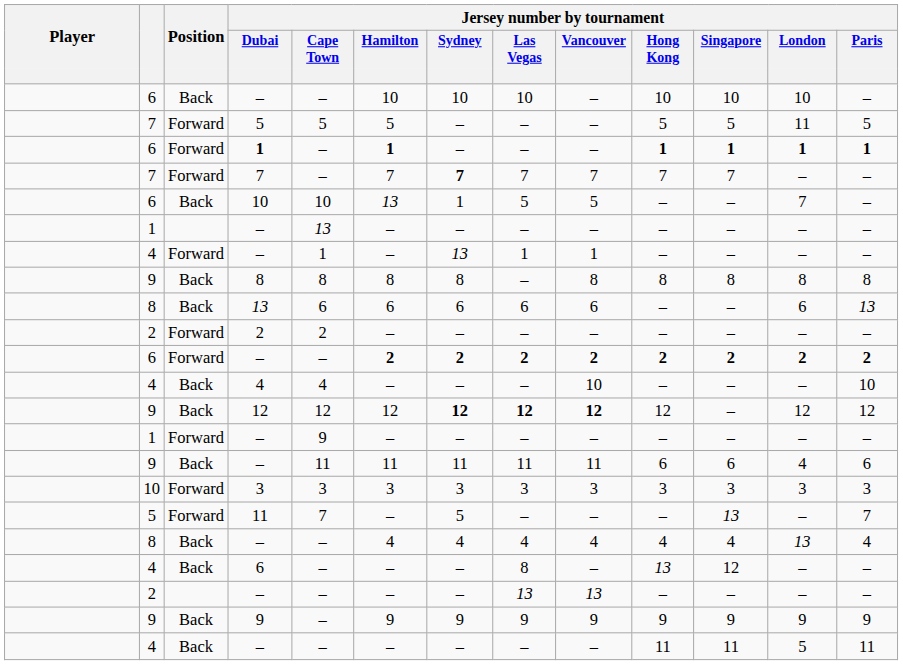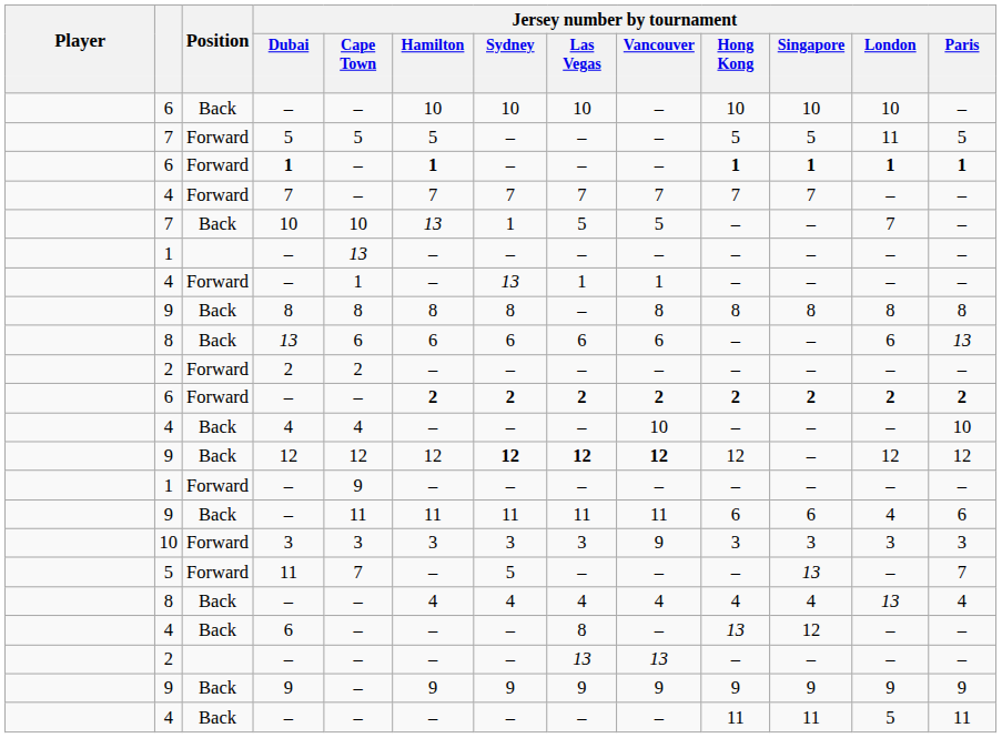 <table class="wikitable sortable" style="text-align:center;">
 <tr>
 <th rowspan=2 style="border-bottom:0px; width:12em;">Player</th>
 <th rowspan=2 style="border-bottom:0px;"></th>
 <th rowspan=2 style="border-bottom:0px;">Position</th>
 <th colspan=10 style="font-size:95%;">Jersey number by tournament</th>
 </tr>
 <tr>
 <th style="vertical-align:top;width:5.5em;border-bottom:1px solid transparent;padding:2px;font-size:85%;"><a href='#'>Dubai</a></th>
 <th style="vertical-align:top;width:5.5em;border-bottom:1px solid transparent;padding:2px;font-size:85%;"><a href='#'>Cape Town</a></th>
 <th style="vertical-align:top;width:5.5em;border-bottom:1px solid transparent;padding:2px;font-size:85%;"><a href='#'>Hamilton</a></th>
 <th style="vertical-align:top;width:5.5em;border-bottom:1px solid transparent;padding:2px;font-size:85%;"><a href='#'>Sydney</a></th>
 <th style="vertical-align:top;width:5.5em;border-bottom:1px solid transparent;padding:2px;font-size:85%;"><a href='#'>Las Vegas</a></th>
 <th style="vertical-align:top;width:5.5em;border-bottom:1px solid transparent;padding:2px;font-size:85%;"><a href='#'>Vancouver</a></th>
 <th style="vertical-align:top;width:5.5em;border-bottom:1px solid transparent;padding:2px;font-size:85%;"><a href='#'>Hong Kong</a></th>
 <th style="vertical-align:top;width:5.5em;border-bottom:1px solid transparent;padding:2px;font-size:85%;"><a href='#'>Singapore</a></th>
 <th style="vertical-align:top;width:5.5em;border-bottom:1px solid transparent;padding:2px;font-size:85%;"><a href='#'>London</a></th>
 <th style="vertical-align:top;width:5.5em;border-bottom:1px solid transparent;padding:2px;font-size:85%;"><a href='#'>Paris</a></th>
 </tr>
 <tr style="line-height:8px;">
 <th style="border-top:1px solid transparent;"></th>
 <th style="border-top:1px solid transparent;"> </th>
 <th style="border-top:1px solid transparent;"> </th>
 <th data-sort-type="number" style="border-top:1px solid transparent;"></th>
 <th data-sort-type="number" style="border-top:1px solid transparent;"></th>
 <th data-sort-type="number" style="border-top:1px solid transparent;"></th>
 <th data-sort-type="number" style="border-top:1px solid transparent;"></th>
 <th data-sort-type="number" style="border-top:1px solid transparent;"></th>
 <th data-sort-type="number" style="border-top:1px solid transparent;"></th>
 <th data-sort-type="number" style="border-top:1px solid transparent;"></th>
 <th data-sort-type="number" style="border-top:1px solid transparent;"></th>
 <th data-sort-type="number" style="border-top:1px solid transparent;"></th>
 <th data-sort-type="number" style="border-top:1px solid transparent;"></th>
 </tr>
 <tr>
 <td align=left></td>
 <td>6</td>
 <td>Back</td>
 <td>–</td>
 <td>–</td>
 <td>10</td>
 <td>10</td>
 <td>10</td>
 <td>–</td>
 <td>10</td>
 <td>10</td>
 <td>10</td>
 <td>–</td>
 </tr>
 <tr>
 <td align=left></td>
 <td>7</td>
 <td>Forward</td>
 <td>5</td>
 <td>5</td>
 <td>5</td>
 <td>–</td>
 <td>–</td>
 <td>–</td>
 <td>5</td>
 <td>5</td>
 <td>11</td>
 <td>5</td>
 </tr>
 <tr>
 <td align=left></td>
 <td>6</td>
 <td>Forward</td>
 <td><strong>1</strong></td>
 <td>–</td>
 <td><strong>1</strong></td>
 <td>–</td>
 <td>–</td>
 <td>–</td>
 <td><strong>1</strong></td>
 <td><strong>1</strong></td>
 <td><strong>1</strong></td>
 <td><strong>1</strong></td>
 </tr>
 <tr>
 <td align=left></td>
-<td>7</td>
+<td>4</td>
 <td>Forward</td>
 <td>7</td>
 <td>–</td>
 <td>7</td>
-<td><strong>7</strong></td>
+<td>7</td>
 <td>7</td>
 <td>7</td>
 <td>7</td>
 <td>7</td>
 <td>–</td>
 <td>–</td>
 </tr>
 <tr>
 <td align=left></td>
-<td>6</td>
+<td>7</td>
 <td>Back</td>
 <td>10</td>
 <td>10</td>
 <td><em>13</em></td>
 <td>1</td>
 <td>5</td>
 <td>5</td>
 <td>–</td>
 <td>–</td>
 <td>7</td>
 <td>–</td>
 </tr>
 <tr>
 <td align=left></td>
 <td>1</td>
 <td></td>
 <td>–</td>
 <td><em>13</em></td>
 <td>–</td>
 <td>–</td>
 <td>–</td>
 <td>–</td>
 <td>–</td>
 <td>–</td>
 <td>–</td>
 <td>–</td>
 </tr>
 <tr ->
 <td align=left></td>
 <td>4</td>
 <td>Forward</td>
 <td>–</td>
 <td>1</td>
 <td>–</td>
 <td><em>13</em></td>
 <td>1</td>
 <td>1</td>
 <td>–</td>
 <td>–</td>
 <td>–</td>
 <td>–</td>
 </tr>
 <tr>
 <td align=left></td>
 <td>9</td>
 <td>Back</td>
 <td>8</td>
 <td>8</td>
 <td>8</td>
 <td>8</td>
 <td>–</td>
 <td>8</td>
 <td>8</td>
 <td>8</td>
 <td>8</td>
 <td>8</td>
 </tr>
 <tr>
 <td align=left></td>
 <td>8</td>
 <td>Back</td>
 <td><em>13</em></td>
 <td>6</td>
 <td>6</td>
 <td>6</td>
 <td>6</td>
 <td>6</td>
 <td>–</td>
 <td>–</td>
 <td>6</td>
 <td><em>13</em></td>
 </tr>
 <tr>
 <td align=left></td>
 <td>2</td>
 <td>Forward</td>
 <td>2</td>
 <td>2</td>
 <td>–</td>
 <td>–</td>
 <td>–</td>
 <td>–</td>
 <td>–</td>
 <td>–</td>
 <td>–</td>
 <td>–</td>
 </tr>
 <tr>
 <td align=left></td>
 <td>6</td>
 <td>Forward</td>
 <td>–</td>
 <td>–</td>
 <td><strong>2</strong></td>
 <td><strong>2</strong></td>
 <td><strong>2</strong></td>
 <td><strong>2</strong></td>
 <td><strong>2</strong></td>
 <td><strong>2</strong></td>
 <td><strong>2</strong></td>
 <td><strong>2</strong></td>
 </tr>
 <tr>
 <td align=left style="padding-right:0px;"></td>
 <td>4</td>
 <td>Back</td>
 <td>4</td>
 <td>4</td>
 <td>–</td>
 <td>–</td>
 <td>–</td>
 <td>10</td>
 <td>–</td>
 <td>–</td>
 <td>–</td>
 <td>10</td>
 </tr>
 <tr>
 <td align=left></td>
 <td>9</td>
 <td>Back</td>
 <td>12</td>
 <td>12</td>
 <td>12</td>
 <td><strong>12</strong></td>
 <td><strong>12</strong></td>
 <td><strong>12</strong></td>
 <td>12</td>
 <td>–</td>
 <td>12</td>
 <td>12</td>
 </tr>
 <tr>
 <td align=left></td>
 <td>1</td>
 <td>Forward</td>
 <td>–</td>
 <td>9</td>
 <td>–</td>
 <td>–</td>
 <td>–</td>
 <td>–</td>
 <td>–</td>
 <td>–</td>
 <td>–</td>
 <td>–</td>
 </tr>
 <tr>
 <td align=left></td>
 <td>9</td>
 <td>Back</td>
 <td>–</td>
 <td>11</td>
 <td>11</td>
 <td>11</td>
 <td>11</td>
 <td>11</td>
 <td>6</td>
 <td>6</td>
 <td>4</td>
 <td>6</td>
 </tr>
 <tr>
 <td align=left></td>
 <td>10</td>
 <td>Forward</td>
 <td>3</td>
 <td>3</td>
 <td>3</td>
 <td>3</td>
 <td>3</td>
-<td>3</td>
+<td>9</td>
 <td>3</td>
 <td>3</td>
 <td>3</td>
 <td>3</td>
 </tr>
 <tr>
 <td align=left></td>
 <td>5</td>
 <td>Forward</td>
 <td>11</td>
 <td>7</td>
 <td>–</td>
 <td>5</td>
 <td>–</td>
 <td>–</td>
 <td>–</td>
 <td><em>13</em></td>
 <td>–</td>
 <td>7</td>
 </tr>
 <tr>
 <td align=left></td>
 <td>8</td>
 <td>Back</td>
 <td>–</td>
 <td>–</td>
 <td>4</td>
 <td>4</td>
 <td>4</td>
 <td>4</td>
 <td>4</td>
 <td>4</td>
 <td><em>13</em></td>
 <td>4</td>
 </tr>
 <tr>
 <td align=left></td>
 <td>4</td>
 <td>Back</td>
 <td>6</td>
 <td>–</td>
 <td>–</td>
 <td>–</td>
 <td>8</td>
 <td>–</td>
 <td><em>13</em></td>
 <td>12</td>
 <td>–</td>
 <td>–</td>
 </tr>
 <tr>
 <td align=left></td>
 <td>2</td>
 <td></td>
 <td>–</td>
 <td>–</td>
 <td>–</td>
 <td>–</td>
 <td><em>13</em></td>
 <td><em>13</em></td>
 <td>–</td>
 <td>–</td>
 <td>–</td>
 <td>–</td>
 </tr>
 <tr>
 <td align=left></td>
 <td>9</td>
 <td>Back</td>
 <td>9</td>
 <td>–</td>
 <td>9</td>
 <td>9</td>
 <td>9</td>
 <td>9</td>
 <td>9</td>
 <td>9</td>
 <td>9</td>
 <td>9</td>
 </tr>
 <tr>
 <td align=left></td>
 <td>4</td>
 <td>Back</td>
 <td>–</td>
 <td>–</td>
 <td>–</td>
 <td>–</td>
 <td>–</td>
 <td>–</td>
 <td>11</td>
 <td>11</td>
 <td>5</td>
 <td>11</td>
 </tr>
 </table>
